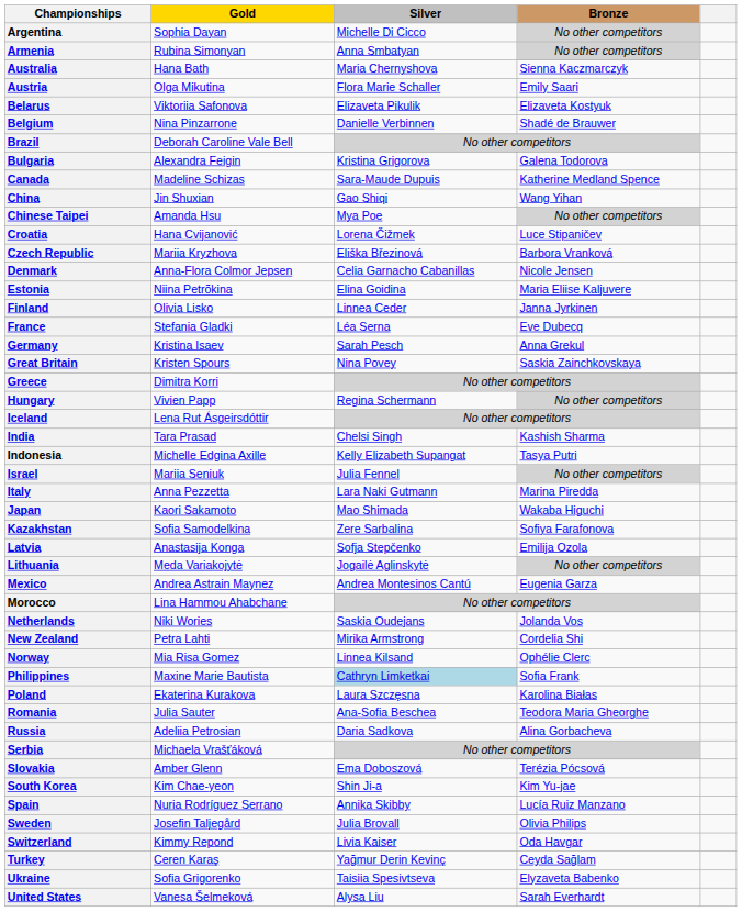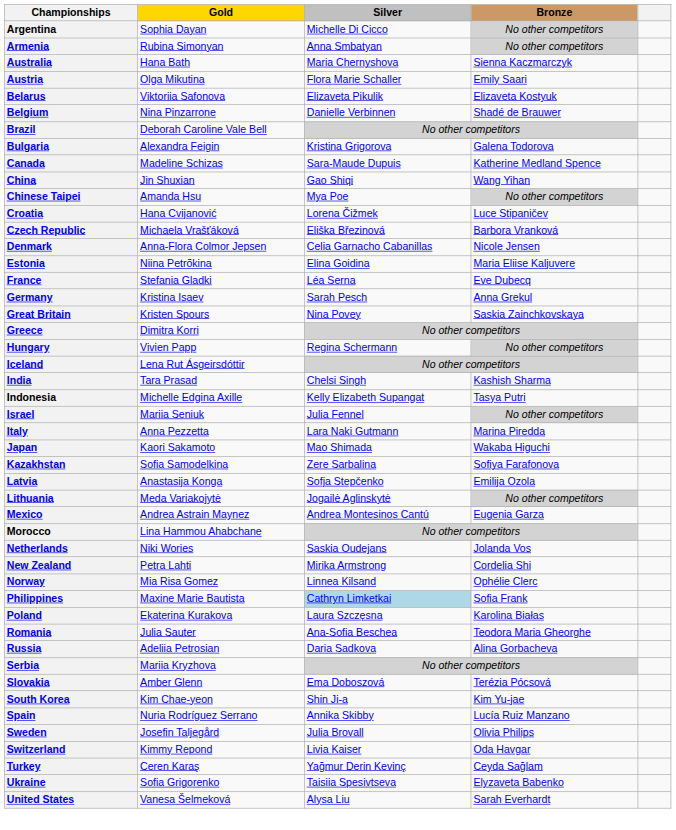 <table class="wikitable unsortable" style="text-align:left; width:80%;">
 <tr>
 <th scope="col" style="text-align:center; width:20%;">Championships</th>
 <td scope="col" style="text-align:center; width:25%; background:gold"><strong>Gold</strong></td>
 <td scope="col" style="text-align:center; width:25%; background:silver"><strong>Silver</strong></td>
 <td scope="col" style="text-align:center; width:25%; background:#c96"><strong>Bronze</strong></td>
 <th scope="col" style="text-align:center; width:5%;"></th>
 </tr>
 <tr>
 <th scope="row" style="text-align:left"> Argentina</th>
 <td><a href='#'>Sophia Dayan</a></td>
 <td><a href='#'>Michelle Di Cicco</a></td>
 <td align="center" bgcolor="lightgray"><em>No other competitors</em></td>
 <td></td>
 </tr>
 <tr>
 <th scope="row" style="text-align:left"> <a href='#'>Armenia</a></th>
 <td><a href='#'>Rubina Simonyan</a></td>
 <td><a href='#'>Anna Smbatyan</a></td>
 <td align="center" bgcolor="lightgray"><em>No other competitors</em></td>
 <td></td>
 </tr>
 <tr>
 <th scope="row" style="text-align:left"> <a href='#'>Australia</a></th>
 <td><a href='#'>Hana Bath</a></td>
 <td><a href='#'>Maria Chernyshova</a></td>
 <td><a href='#'>Sienna Kaczmarczyk</a></td>
 <td></td>
 </tr>
 <tr>
 <th scope="row" style="text-align:left"> <a href='#'>Austria</a></th>
 <td><a href='#'>Olga Mikutina</a></td>
 <td><a href='#'>Flora Marie Schaller</a></td>
 <td><a href='#'>Emily Saari</a></td>
 <td></td>
 </tr>
 <tr>
 <th scope="row" style="text-align:left"> <a href='#'>Belarus</a></th>
 <td><a href='#'>Viktoriia Safonova</a></td>
 <td><a href='#'>Elizaveta Pikulik</a></td>
 <td><a href='#'>Elizaveta Kostyuk</a></td>
 <td></td>
 </tr>
 <tr>
 <th scope="row" style="text-align:left"> <a href='#'>Belgium</a></th>
 <td><a href='#'>Nina Pinzarrone</a></td>
 <td><a href='#'>Danielle Verbinnen</a></td>
 <td><a href='#'>Shadé de Brauwer</a></td>
 <td></td>
 </tr>
 <tr>
 <th scope="row" style="text-align:left"> <a href='#'>Brazil</a></th>
 <td><a href='#'>Deborah Caroline Vale Bell</a></td>
 <td colspan=2 align="center" bgcolor="lightgray"><em>No other competitors</em></td>
 <td></td>
 </tr>
 <tr>
 <th scope="row" style="text-align:left"> <a href='#'>Bulgaria</a></th>
 <td><a href='#'>Alexandra Feigin</a></td>
 <td><a href='#'>Kristina Grigorova</a></td>
 <td><a href='#'>Galena Todorova</a></td>
 <td></td>
 </tr>
 <tr>
 <th scope="row" style="text-align:left"> <a href='#'>Canada</a></th>
 <td><a href='#'>Madeline Schizas</a></td>
 <td><a href='#'>Sara-Maude Dupuis</a></td>
 <td><a href='#'>Katherine Medland Spence</a></td>
 <td></td>
 </tr>
 <tr>
 <th scope="row" style="text-align:left"> <a href='#'>China</a></th>
 <td><a href='#'>Jin Shuxian</a></td>
 <td><a href='#'>Gao Shiqi</a></td>
 <td><a href='#'>Wang Yihan</a></td>
 <td></td>
 </tr>
 <tr>
 <th scope="row" style="text-align:left"> <a href='#'>Chinese Taipei</a></th>
 <td><a href='#'>Amanda Hsu</a></td>
 <td><a href='#'>Mya Poe</a></td>
 <td align="center" bgcolor="lightgray"><em>No other competitors</em></td>
 <td></td>
 </tr>
 <tr>
 <th scope="row" style="text-align:left"> <a href='#'>Croatia</a></th>
 <td><a href='#'>Hana Cvijanović</a></td>
 <td><a href='#'>Lorena Čižmek</a></td>
 <td><a href='#'>Luce Stipaničev</a></td>
 <td></td>
 </tr>
 <tr>
 <th scope="row" style="text-align:left"> <a href='#'>Czech Republic</a></th>
-<td><a href='#'>Mariia Kryzhova</a></td>
+<td><a href='#'>Michaela Vrašťáková</a></td>
 <td><a href='#'>Eliška Březinová</a></td>
 <td><a href='#'>Barbora Vranková</a></td>
 <td></td>
 </tr>
 <tr>
 <th scope="row" style="text-align:left"> <a href='#'>Denmark</a></th>
 <td><a href='#'>Anna-Flora Colmor Jepsen</a></td>
 <td><a href='#'>Celia Garnacho Cabanillas</a></td>
 <td><a href='#'>Nicole Jensen</a></td>
 <td></td>
 </tr>
 <tr>
 <th scope="row" style="text-align:left"> <a href='#'>Estonia</a></th>
 <td><a href='#'>Niina Petrõkina</a></td>
 <td><a href='#'>Elina Goidina</a></td>
 <td><a href='#'>Maria Eliise Kaljuvere</a></td>
-<td></td>
-</tr>
-<tr>
-<th scope="row" style="text-align:left"> <a href='#'>Finland</a></th>
-<td><a href='#'>Olivia Lisko</a></td>
-<td><a href='#'>Linnea Ceder</a></td>
-<td><a href='#'>Janna Jyrkinen</a></td>
 <td></td>
 </tr>
 <tr>
 <th scope="row" style="text-align:left"> <a href='#'>France</a></th>
 <td><a href='#'>Stefania Gladki</a></td>
 <td><a href='#'>Léa Serna</a></td>
 <td><a href='#'>Eve Dubecq</a></td>
 <td></td>
 </tr>
 <tr>
 <th scope="row" style="text-align:left"> <a href='#'>Germany</a></th>
 <td><a href='#'>Kristina Isaev</a></td>
 <td><a href='#'>Sarah Pesch</a></td>
 <td><a href='#'>Anna Grekul</a></td>
 <td></td>
 </tr>
 <tr>
 <th scope="row" style="text-align:left"> <a href='#'>Great Britain</a></th>
 <td><a href='#'>Kristen Spours</a></td>
 <td><a href='#'>Nina Povey</a></td>
 <td><a href='#'>Saskia Zainchkovskaya</a></td>
 <td></td>
 </tr>
 <tr>
 <th scope="row" style="text-align:left"> <a href='#'>Greece</a></th>
 <td><a href='#'>Dimitra Korri</a></td>
 <td colspan=2 align=center bgcolor="lightgray"><em>No other competitors</em></td>
 <td></td>
 </tr>
 <tr>
 <th scope="row" style="text-align:left"> <a href='#'>Hungary</a></th>
 <td><a href='#'>Vivien Papp</a></td>
 <td><a href='#'>Regina Schermann</a></td>
 <td align=center bgcolor="lightgray"><em>No other competitors</em></td>
 <td></td>
 </tr>
 <tr>
 <th scope="row" style="text-align:left"> <a href='#'>Iceland</a></th>
 <td><a href='#'>Lena Rut Ásgeirsdóttir</a></td>
 <td colspan=2 align="center" bgcolor="lightgray"><em>No other competitors</em></td>
 <td></td>
 </tr>
 <tr>
 <th scope="row" style="text-align:left"> <a href='#'>India</a></th>
 <td><a href='#'>Tara Prasad</a></td>
 <td><a href='#'>Chelsi Singh</a></td>
 <td><a href='#'>Kashish Sharma</a></td>
 <td></td>
 </tr>
 <tr>
 <th scope="row" style="text-align:left"> Indonesia</th>
 <td><a href='#'>Michelle Edgina Axille</a></td>
 <td><a href='#'>Kelly Elizabeth Supangat</a></td>
 <td><a href='#'>Tasya Putri</a></td>
 <td></td>
 </tr>
 <tr>
 <th scope="row" style="text-align:left"> <a href='#'>Israel</a></th>
 <td><a href='#'>Mariia Seniuk</a></td>
 <td><a href='#'>Julia Fennel</a></td>
 <td align="center" bgcolor="lightgray"><em>No other competitors</em></td>
 <td></td>
 </tr>
 <tr>
 <th scope="row" style="text-align:left"> <a href='#'>Italy</a></th>
 <td><a href='#'>Anna Pezzetta</a></td>
 <td><a href='#'>Lara Naki Gutmann</a></td>
 <td><a href='#'>Marina Piredda</a></td>
 <td></td>
 </tr>
 <tr>
 <th scope="row" style="text-align:left"> <a href='#'>Japan</a></th>
 <td><a href='#'>Kaori Sakamoto</a></td>
 <td><a href='#'>Mao Shimada</a></td>
 <td><a href='#'>Wakaba Higuchi</a></td>
 <td></td>
 </tr>
 <tr>
 <th scope="row" style="text-align:left"> <a href='#'>Kazakhstan</a></th>
 <td><a href='#'>Sofia Samodelkina</a></td>
 <td><a href='#'>Zere Sarbalina</a></td>
 <td><a href='#'>Sofiya Farafonova</a></td>
 <td></td>
 </tr>
 <tr>
 <th scope="row" style="text-align:left"> <a href='#'>Latvia</a></th>
 <td><a href='#'>Anastasija Konga</a></td>
 <td><a href='#'>Sofja Stepčenko</a></td>
 <td><a href='#'>Emilija Ozola</a></td>
 <td></td>
 </tr>
 <tr>
 <th scope="row" style="text-align:left"> <a href='#'>Lithuania</a></th>
 <td><a href='#'>Meda Variakojytė</a></td>
 <td><a href='#'>Jogailė Aglinskytė</a></td>
 <td align="center" bgcolor="lightgray"><em>No other competitors</em></td>
 <td></td>
 </tr>
 <tr>
 <th scope="row" style="text-align:left"> <a href='#'>Mexico</a></th>
 <td><a href='#'>Andrea Astrain Maynez</a></td>
 <td><a href='#'>Andrea Montesinos Cantú</a></td>
 <td><a href='#'>Eugenia Garza</a></td>
 <td></td>
 </tr>
 <tr>
 <th scope="row" style="text-align:left"> Morocco</th>
 <td><a href='#'>Lina Hammou Ahabchane</a></td>
 <td colspan=2 align=center bgcolor="lightgray"><em>No other competitors</em></td>
 <td></td>
 </tr>
 <tr>
 <th scope="row" style="text-align:left"> <a href='#'>Netherlands</a></th>
 <td><a href='#'>Niki Wories</a></td>
 <td><a href='#'>Saskia Oudejans</a></td>
 <td><a href='#'>Jolanda Vos</a></td>
 <td></td>
 </tr>
 <tr>
 <th scope="row" style="text-align:left"> <a href='#'>New Zealand</a></th>
 <td><a href='#'>Petra Lahti</a></td>
 <td><a href='#'>Mirika Armstrong</a></td>
 <td><a href='#'>Cordelia Shi</a></td>
 <td></td>
 </tr>
 <tr>
 <th scope="row" style="text-align:left"> <a href='#'>Norway</a></th>
 <td><a href='#'>Mia Risa Gomez</a></td>
 <td><a href='#'>Linnea Kilsand</a></td>
 <td><a href='#'>Ophélie Clerc</a></td>
 <td></td>
 </tr>
 <tr>
 <th scope="row" style="text-align:left"> <a href='#'>Philippines</a></th>
 <td><a href='#'>Maxine Marie Bautista</a></td>
 <td style="background: lightblue;"><a href='#'>Cathryn Limketkai</a></td>
 <td><a href='#'>Sofia Frank</a></td>
 <td></td>
 </tr>
 <tr>
 <th scope="row" style="text-align:left"> <a href='#'>Poland</a></th>
 <td><a href='#'>Ekaterina Kurakova</a></td>
 <td><a href='#'>Laura Szczęsna</a></td>
 <td><a href='#'>Karolina Białas</a></td>
 <td></td>
 </tr>
 <tr>
 <th scope="row" style="text-align:left"> <a href='#'>Romania</a></th>
 <td><a href='#'>Julia Sauter</a></td>
 <td><a href='#'>Ana-Sofia Beschea</a></td>
 <td><a href='#'>Teodora Maria Gheorghe</a></td>
 <td></td>
 </tr>
 <tr>
 <th scope="row" style="text-align:left"> <a href='#'>Russia</a></th>
 <td><a href='#'>Adeliia Petrosian</a></td>
 <td><a href='#'>Daria Sadkova</a></td>
 <td><a href='#'>Alina Gorbacheva</a></td>
 <td></td>
 </tr>
 <tr>
 <th scope="row" style="text-align:left"> <a href='#'>Serbia</a></th>
-<td><a href='#'>Michaela Vrašťáková</a></td>
+<td><a href='#'>Mariia Kryzhova</a></td>
 <td colspan=2 align="center" bgcolor="lightgray"><em>No other competitors</em></td>
 <td></td>
 </tr>
 <tr>
 <th scope="row" style="text-align:left"> <a href='#'>Slovakia</a></th>
 <td><a href='#'>Amber Glenn</a></td>
 <td><a href='#'>Ema Doboszová</a></td>
 <td><a href='#'>Terézia Pócsová</a></td>
 <td></td>
 </tr>
 <tr>
 <th scope="row" style="text-align:left"> <a href='#'>South Korea</a></th>
 <td><a href='#'>Kim Chae-yeon</a></td>
 <td><a href='#'>Shin Ji-a</a></td>
 <td><a href='#'>Kim Yu-jae</a></td>
 <td></td>
 </tr>
 <tr>
 <th scope="row" style="text-align:left"> <a href='#'>Spain</a></th>
 <td><a href='#'>Nuria Rodríguez Serrano</a></td>
 <td><a href='#'>Annika Skibby</a></td>
 <td><a href='#'>Lucía Ruiz Manzano</a></td>
 <td></td>
 </tr>
 <tr>
 <th scope="row" style="text-align:left"> <a href='#'>Sweden</a></th>
 <td><a href='#'>Josefin Taljegård</a></td>
 <td><a href='#'>Julia Brovall</a></td>
 <td><a href='#'>Olivia Philips</a></td>
 <td></td>
 </tr>
 <tr>
 <th scope="row" style="text-align:left"> <a href='#'>Switzerland</a></th>
 <td><a href='#'>Kimmy Repond</a></td>
 <td><a href='#'>Livia Kaiser</a></td>
 <td><a href='#'>Oda Havgar</a></td>
 <td></td>
 </tr>
 <tr>
 <th scope="row" style="text-align:left"> <a href='#'>Turkey</a></th>
 <td><a href='#'>Ceren Karaş</a></td>
 <td><a href='#'>Yağmur Derin Kevinç</a></td>
 <td><a href='#'>Ceyda Sağlam</a></td>
 <td></td>
 </tr>
 <tr>
 <th scope="row" style="text-align:left"> <a href='#'>Ukraine</a></th>
 <td><a href='#'>Sofia Grigorenko</a></td>
 <td><a href='#'>Taisiia Spesivtseva</a></td>
 <td><a href='#'>Elyzaveta Babenko</a></td>
 <td></td>
 </tr>
 <tr>
 <th scope="row" style="text-align:left"> <a href='#'>United States</a></th>
 <td><a href='#'>Vanesa Šelmeková</a></td>
 <td><a href='#'>Alysa Liu</a></td>
 <td><a href='#'>Sarah Everhardt</a></td>
 <td></td>
 </tr>
 </table>
